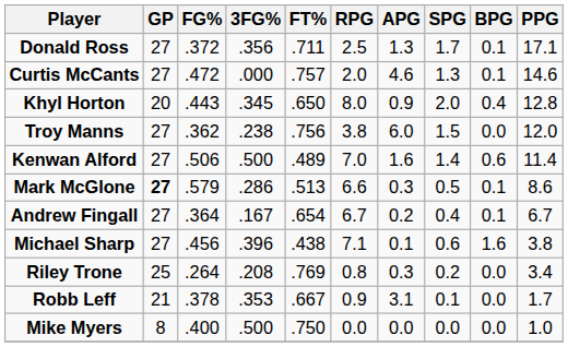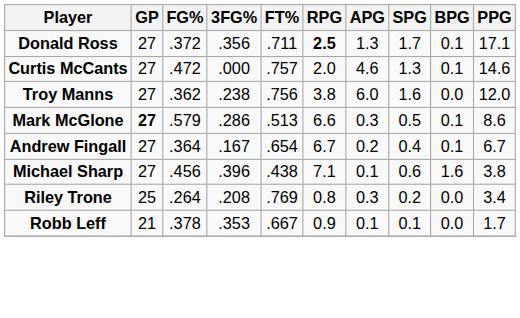 <table class="wikitable sortable" style="font-size: 90%">
 <tr>
 <th>Player</th>
 <th>GP</th>
 <th>FG%</th>
 <th>3FG%</th>
 <th>FT%</th>
 <th>RPG</th>
 <th>APG</th>
 <th>SPG</th>
 <th>BPG</th>
 <th>PPG</th>
 </tr>
 <tr align="center" bgcolor="">
 <td><strong>Donald Ross</strong></td>
 <td>27</td>
 <td>.372</td>
 <td>.356</td>
 <td>.711</td>
-<td>2.5</td>
+<td><strong>2.5</strong></td>
 <td>1.3</td>
 <td>1.7</td>
 <td>0.1</td>
 <td>17.1</td>
 </tr>
 <tr align="center" bgcolor="">
 <td><strong>Curtis McCants</strong></td>
 <td>27</td>
 <td>.472</td>
 <td>.000</td>
 <td>.757</td>
 <td>2.0</td>
 <td>4.6</td>
 <td>1.3</td>
 <td>0.1</td>
 <td>14.6</td>
 </tr>
 <tr align="center" bgcolor="">
-<td><strong>Khyl Horton</strong></td>
-<td>20</td>
-<td>.443</td>
-<td>.345</td>
-<td>.650</td>
-<td>8.0</td>
-<td>0.9</td>
-<td>2.0</td>
-<td>0.4</td>
-<td>12.8</td>
-</tr>
-<tr align="center" bgcolor="">
 <td><strong>Troy Manns</strong></td>
 <td>27</td>
 <td>.362</td>
 <td>.238</td>
 <td>.756</td>
 <td>3.8</td>
 <td>6.0</td>
-<td>1.5</td>
+<td>1.6</td>
 <td>0.0</td>
 <td>12.0</td>
-</tr>
-<tr align="center" bgcolor="">
-<td><strong>Kenwan Alford</strong></td>
-<td>27</td>
-<td>.506</td>
-<td>.500</td>
-<td>.489</td>
-<td>7.0</td>
-<td>1.6</td>
-<td>1.4</td>
-<td>0.6</td>
-<td>11.4</td>
 </tr>
 <tr align="center" bgcolor="">
 <td><strong>Mark McGlone</strong></td>
 <td><strong>27</strong></td>
 <td>.579</td>
 <td>.286</td>
 <td>.513</td>
 <td>6.6</td>
 <td>0.3</td>
 <td>0.5</td>
 <td>0.1</td>
 <td>8.6</td>
 </tr>
 <tr align="center" bgcolor="">
 <td><strong>Andrew Fingall</strong></td>
 <td>27</td>
 <td>.364</td>
 <td>.167</td>
 <td>.654</td>
 <td>6.7</td>
 <td>0.2</td>
 <td>0.4</td>
 <td>0.1</td>
 <td>6.7</td>
 </tr>
 <tr align="center" bgcolor="">
 <td><strong>Michael Sharp</strong></td>
 <td>27</td>
 <td>.456</td>
 <td>.396</td>
 <td>.438</td>
 <td>7.1</td>
 <td>0.1</td>
 <td>0.6</td>
 <td>1.6</td>
 <td>3.8</td>
 </tr>
 <tr align="center" bgcolor="">
 <td><strong>Riley Trone</strong></td>
 <td>25</td>
 <td>.264</td>
 <td>.208</td>
 <td>.769</td>
 <td>0.8</td>
 <td>0.3</td>
 <td>0.2</td>
 <td>0.0</td>
 <td>3.4</td>
 </tr>
 <tr align="center" bgcolor="">
 <td><strong>Robb Leff</strong></td>
 <td>21</td>
 <td>.378</td>
 <td>.353</td>
 <td>.667</td>
 <td>0.9</td>
-<td>3.1</td>
+<td>0.1</td>
 <td>0.1</td>
 <td>0.0</td>
 <td>1.7</td>
 </tr>
 <tr align="center" bgcolor="">
-<td><strong>Mike Myers</strong></td>
-<td>8</td>
-<td>.400</td>
-<td>.500</td>
-<td>.750</td>
-<td>0.0</td>
-<td>0.0</td>
-<td>0.0</td>
-<td>0.0</td>
-<td>1.0</td>
-</tr>
-<tr align="center" bgcolor="">
 </tr>
 </table>
